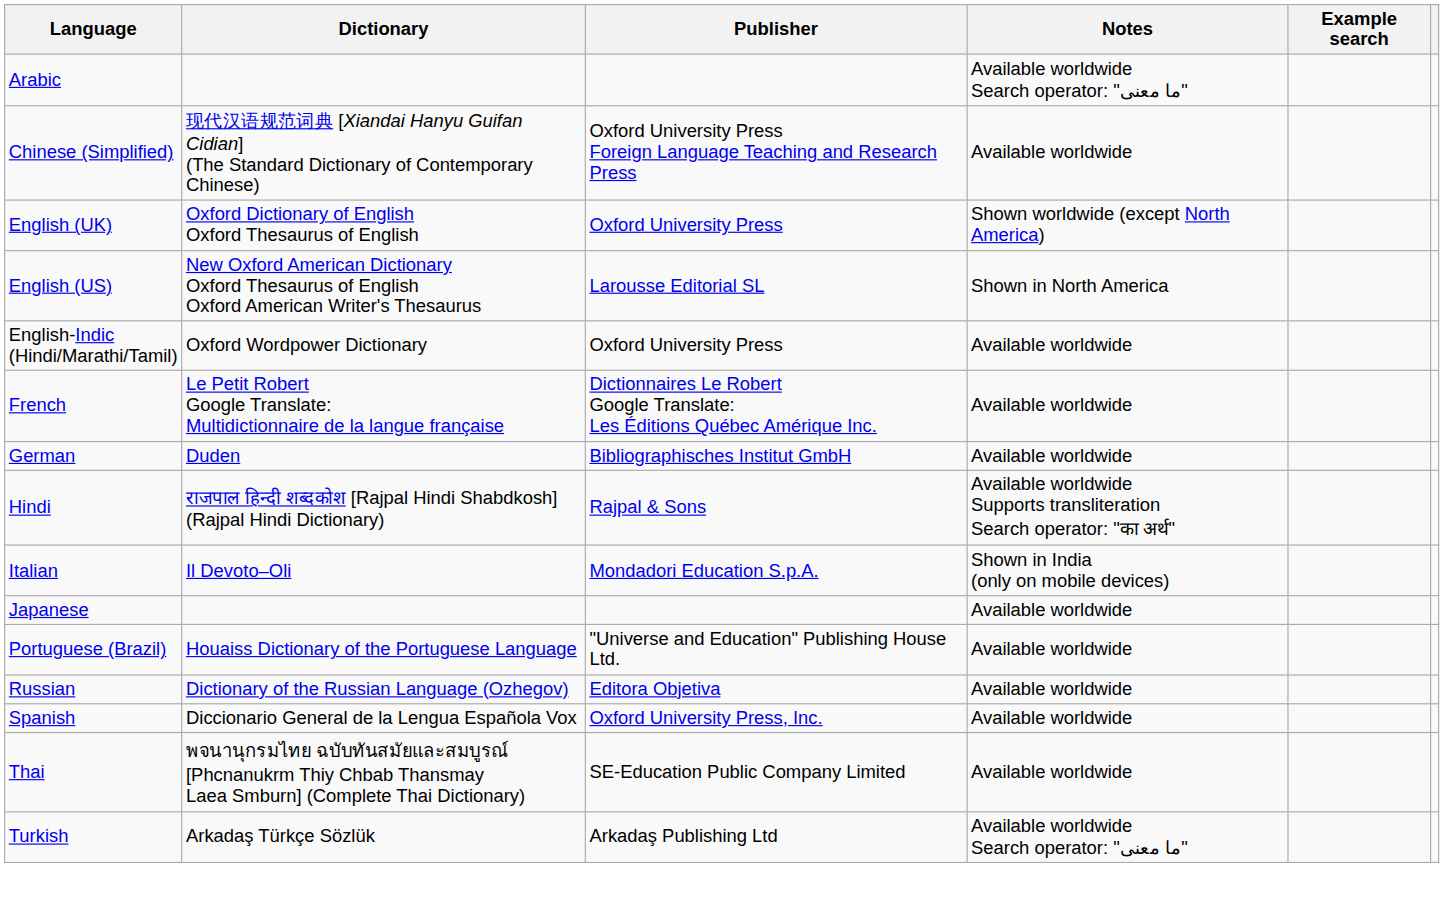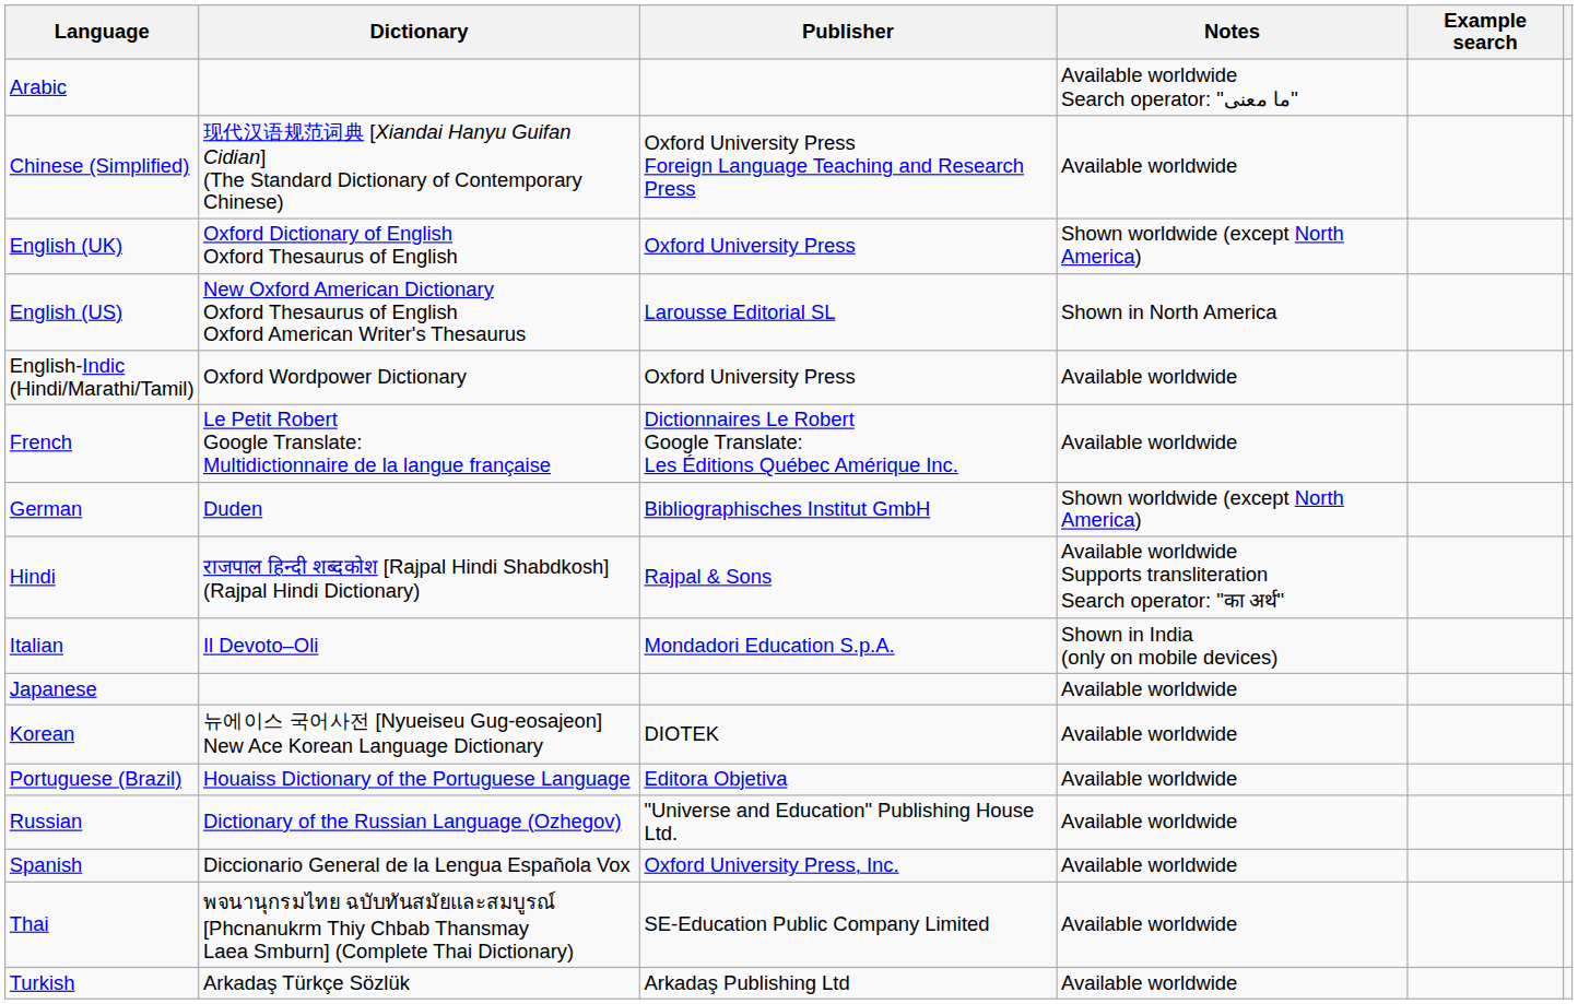 <table class="wikitable sortable">
 <tr>
 <th>Language</th>
 <th>Dictionary</th>
 <th>Publisher</th>
 <th>Notes</th>
 <th>Example search</th>
 <th></th>
 </tr>
 <tr>
 <td><a href='#'>Arabic</a></td>
 <td></td>
 <td></td>
 <td>Available worldwide<br>Search operator: "ما معنى"</td>
 <td></td>
 <td></td>
 </tr>
 <tr>
 <td><a href='#'>Chinese (Simplified)</a></td>
 <td><a href='#'>现代汉语规范词典</a> [<em>Xiandai Hanyu Guifan Cidian</em>]<br>(The Standard Dictionary of Contemporary Chinese)</td>
 <td>Oxford University Press<br><a href='#'>Foreign Language Teaching and Research Press</a></td>
 <td>Available worldwide</td>
 <td></td>
 <td></td>
 </tr>
 <tr>
 <td><a href='#'>English (UK)</a></td>
 <td><a href='#'>Oxford Dictionary of English</a><br>Oxford Thesaurus of English</td>
 <td><a href='#'>Oxford University Press</a></td>
 <td>Shown worldwide (except <a href='#'>North America</a>)</td>
 <td></td>
 <td><br></td>
 </tr>
 <tr>
 <td><a href='#'>English (US)</a></td>
 <td><a href='#'>New Oxford American Dictionary</a><br>Oxford Thesaurus of English<br>Oxford American Writer's Thesaurus</td>
 <td><a href='#'>Larousse Editorial SL</a></td>
 <td>Shown in North America</td>
 <td></td>
 <td><br></td>
 </tr>
 <tr>
 <td>English-<a href='#'>Indic</a><br>(Hindi/Marathi/Tamil)</td>
 <td>Oxford Wordpower Dictionary</td>
 <td>Oxford University Press</td>
 <td>Available worldwide</td>
 <td></td>
 <td><br></td>
 </tr>
 <tr>
 <td><a href='#'>French</a></td>
 <td><a href='#'>Le Petit Robert</a><br>Google Translate:<br><a href='#'>Multidictionnaire de la langue française</a></td>
 <td><a href='#'>Dictionnaires Le Robert</a><br>Google Translate:<br><a href='#'>Les Éditions Québec Amérique Inc.</a></td>
 <td>Available worldwide</td>
 <td></td>
 <td></td>
 </tr>
 <tr>
 <td><a href='#'>German</a></td>
 <td><a href='#'>Duden</a></td>
 <td><a href='#'>Bibliographisches Institut GmbH</a></td>
-<td>Available worldwide</td>
+<td>Shown worldwide (except <a href='#'>North America</a>)</td>
 <td></td>
 <td><br></td>
 </tr>
 <tr>
 <td><a href='#'>Hindi</a></td>
 <td><a href='#'>राजपाल हिन्दी शब्दकोश</a> [Rajpal Hindi Shabdkosh]<br>(Rajpal Hindi Dictionary)</td>
 <td><a href='#'>Rajpal & Sons</a></td>
 <td>Available worldwide<br>Supports transliteration<br>Search operator: "का अर्थ"</td>
 <td></td>
 <td><br></td>
 </tr>
 <tr>
 <td><a href='#'>Italian</a></td>
 <td><a href='#'>Il Devoto–Oli</a></td>
 <td><a href='#'>Mondadori Education S.p.A.</a></td>
 <td>Shown in India<br>(only on mobile devices)</td>
 <td></td>
 <td><br></td>
 </tr>
 <tr>
 <td><a href='#'>Japanese</a></td>
 <td></td>
 <td></td>
 <td>Available worldwide</td>
 <td></td>
 <td></td>
 </tr>
 <tr>
+<td><a href='#'>Korean</a></td>
+<td>뉴에이스 국어사전 [Nyueiseu Gug-eosajeon]<br>New Ace Korean Language Dictionary</td>
+<td>DIOTEK</td>
+<td>Available worldwide</td>
+<td></td>
+<td></td>
+</tr>
+<tr>
 <td><a href='#'>Portuguese (Brazil)</a></td>
 <td><a href='#'>Houaiss Dictionary of the Portuguese Language</a></td>
-<td>"Universe and Education" Publishing House Ltd.</td>
+<td><a href='#'>Editora Objetiva</a></td>
 <td>Available worldwide</td>
 <td></td>
 <td><br></td>
 </tr>
 <tr>
 <td><a href='#'>Russian</a></td>
 <td><a href='#'>Dictionary of the Russian Language (Ozhegov)</a></td>
-<td><a href='#'>Editora Objetiva</a></td>
+<td>"Universe and Education" Publishing House Ltd.</td>
 <td>Available worldwide</td>
 <td></td>
 <td><br></td>
 </tr>
 <tr>
 <td><a href='#'>Spanish</a></td>
 <td>Diccionario General de la Lengua Española Vox</td>
 <td><a href='#'>Oxford University Press, Inc.</a></td>
 <td>Available worldwide</td>
 <td></td>
 <td></td>
 </tr>
 <tr>
 <td><a href='#'>Thai</a></td>
 <td>พจนานุกรมไทย ฉบับทันสมัยและสมบูรณ์<br>[Phcnanukrm Thiy Chbab Thansmay<br>Laea Smburn] (Complete Thai Dictionary)</td>
 <td>SE-Education Public Company Limited</td>
 <td>Available worldwide</td>
 <td></td>
 <td></td>
 </tr>
 <tr>
 <td><a href='#'>Turkish</a></td>
 <td>Arkadaş Türkçe Sözlük</td>
 <td>Arkadaş Publishing Ltd</td>
-<td>Available worldwide<br>Search operator: "ما معنى"</td>
+<td>Available worldwide</td>
 <td></td>
 <td></td>
 </tr>
 </table>
